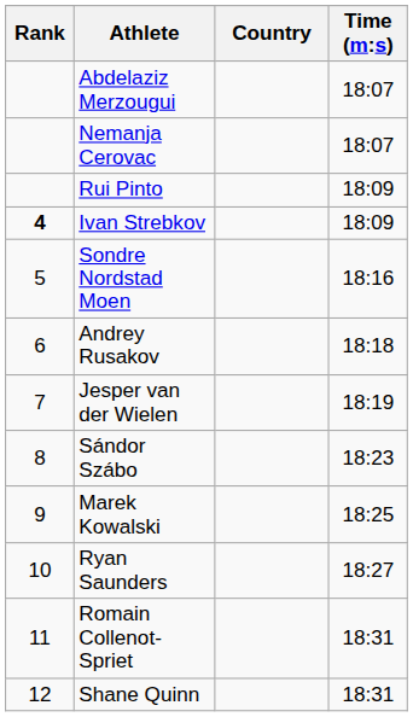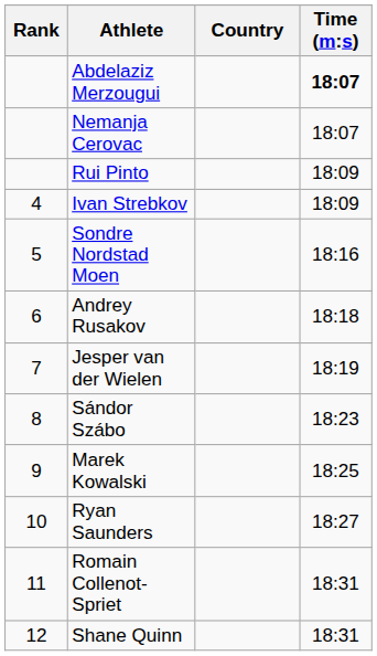 <table class="wikitable" width=50%>
 <tr>
 </tr>
 <tr>
 <th width=5%>Rank</th>
 <th width=20%>Athlete</th>
 <th width=15%>Country</th>
 <th width=10%>Time (<a href='#'>m</a>:<a href='#'>s</a>)</th>
 </tr>
 <tr align="center">
 <td></td>
 <td align="left"><a href='#'>Abdelaziz Merzougui</a></td>
 <td align="left"></td>
-<td>18:07</td>
+<td><strong>18:07</strong></td>
 </tr>
 <tr align="center">
 <td></td>
 <td align="left"><a href='#'>Nemanja Cerovac</a></td>
 <td align="left"></td>
 <td>18:07</td>
 </tr>
 <tr align="center">
 <td></td>
 <td align="left"><a href='#'>Rui Pinto</a></td>
 <td align="left"></td>
 <td>18:09</td>
 </tr>
 <tr align="center">
-<td><strong>4</strong></td>
+<td>4</td>
 <td align="left"><a href='#'>Ivan Strebkov</a></td>
 <td align="left"></td>
 <td>18:09</td>
 </tr>
 <tr align="center">
 <td>5</td>
 <td align="left"><a href='#'>Sondre Nordstad Moen</a></td>
 <td align="left"></td>
 <td>18:16</td>
 </tr>
 <tr align="center">
 <td>6</td>
 <td align="left">Andrey Rusakov</td>
 <td align="left"></td>
 <td>18:18</td>
 </tr>
 <tr align="center">
 <td>7</td>
 <td align="left">Jesper van der Wielen</td>
 <td align="left"></td>
 <td>18:19</td>
 </tr>
 <tr align="center">
 <td>8</td>
 <td align="left">Sándor Szábo</td>
 <td align="left"></td>
 <td>18:23</td>
 </tr>
 <tr align="center">
 <td>9</td>
 <td align="left">Marek Kowalski</td>
 <td align="left"></td>
 <td>18:25</td>
 </tr>
 <tr align="center">
 <td>10</td>
 <td align="left">Ryan Saunders</td>
 <td align="left"></td>
 <td>18:27</td>
 </tr>
 <tr align="center">
 <td>11</td>
 <td align="left">Romain Collenot-Spriet</td>
 <td align="left"></td>
 <td>18:31</td>
 </tr>
 <tr align="center">
 <td>12</td>
 <td align="left">Shane Quinn</td>
 <td align="left"></td>
 <td>18:31</td>
 </tr>
 </table>
